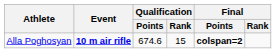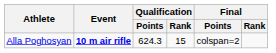 <table class="wikitable" style="text-align:center; font-size:90%">
 <tr>
 <th rowspan=2>Athlete</th>
 <th rowspan=2>Event</th>
 <th colspan=2>Qualification</th>
 <th colspan=2>Final</th>
 </tr>
 <tr style="font-size:95%">
 <th>Points</th>
 <th>Rank</th>
 <th>Points</th>
 <th>Rank</th>
 </tr>
 <tr>
 <td align=left><a href='#'>Alla Poghosyan</a></td>
 <td align=left><strong><a href='#'>10 m air rifle</a></strong></td>
-<td>674.6</td>
+<td>624.3</td>
 <td>15</td>
-<td><strong>colspan=2 </strong></td>
+<td>colspan=2 </td>
 </tr>
 </table>
